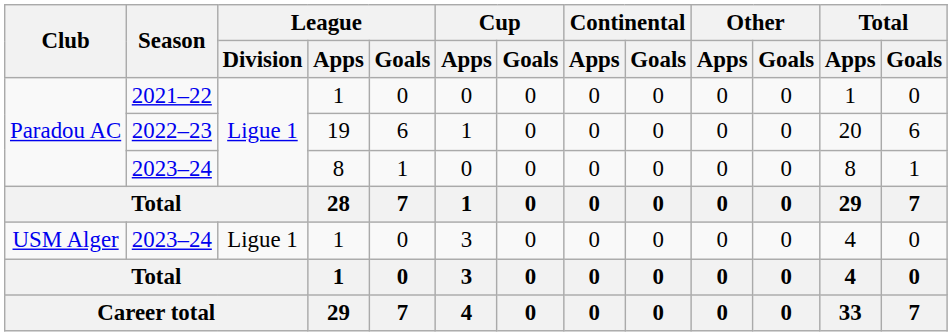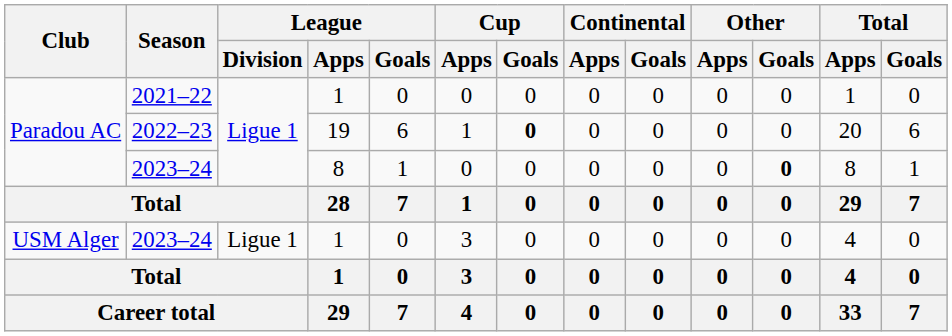 <table class="wikitable" style="text-align:center">
 <tr>
 <th rowspan="2">Club</th>
 <th rowspan="2">Season</th>
 <th colspan="3">League</th>
 <th colspan="2">Cup</th>
 <th colspan="2">Continental</th>
 <th colspan="2">Other</th>
 <th colspan="2">Total</th>
 </tr>
 <tr>
 <th>Division</th>
 <th>Apps</th>
 <th>Goals</th>
 <th>Apps</th>
 <th>Goals</th>
 <th>Apps</th>
 <th>Goals</th>
 <th>Apps</th>
 <th>Goals</th>
 <th>Apps</th>
 <th>Goals</th>
 </tr>
 <tr>
 <td rowspan="3"><a href='#'>Paradou AC</a></td>
 <td><a href='#'>2021–22</a></td>
 <td rowspan="3"><a href='#'>Ligue 1</a></td>
 <td>1</td>
 <td>0</td>
 <td>0</td>
 <td>0</td>
 <td>0</td>
 <td>0</td>
 <td>0</td>
 <td>0</td>
 <td>1</td>
 <td>0</td>
 </tr>
 <tr>
 <td><a href='#'>2022–23</a></td>
 <td>19</td>
 <td>6</td>
 <td>1</td>
-<td>0</td>
+<td><strong>0</strong></td>
 <td>0</td>
 <td>0</td>
 <td>0</td>
 <td>0</td>
 <td>20</td>
 <td>6</td>
 </tr>
 <tr>
 <td><a href='#'>2023–24</a></td>
 <td>8</td>
 <td>1</td>
 <td>0</td>
 <td>0</td>
 <td>0</td>
 <td>0</td>
 <td>0</td>
-<td>0</td>
+<td><strong>0</strong></td>
 <td>8</td>
 <td>1</td>
 </tr>
 <tr>
 <th colspan="3">Total</th>
 <th>28</th>
 <th>7</th>
 <th>1</th>
 <th>0</th>
 <th>0</th>
 <th>0</th>
 <th>0</th>
 <th>0</th>
 <th>29</th>
 <th>7</th>
 </tr>
 <tr>
 <td rowspan=1><a href='#'>USM Alger</a></td>
 <td><a href='#'>2023–24</a></td>
 <td rowspan=1>Ligue 1</td>
 <td>1</td>
 <td>0</td>
 <td>3</td>
 <td>0</td>
 <td>0</td>
 <td>0</td>
 <td>0</td>
 <td>0</td>
 <td>4</td>
 <td>0</td>
 </tr>
 <tr>
 <th colspan="3">Total</th>
 <th>1</th>
 <th>0</th>
 <th>3</th>
 <th>0</th>
 <th>0</th>
 <th>0</th>
 <th>0</th>
 <th>0</th>
 <th>4</th>
 <th>0</th>
 </tr>
 <tr>
 <th colspan="3">Career total</th>
 <th>29</th>
 <th>7</th>
 <th>4</th>
 <th>0</th>
 <th>0</th>
 <th>0</th>
 <th>0</th>
 <th>0</th>
 <th>33</th>
 <th>7</th>
 </tr>
 </table>
